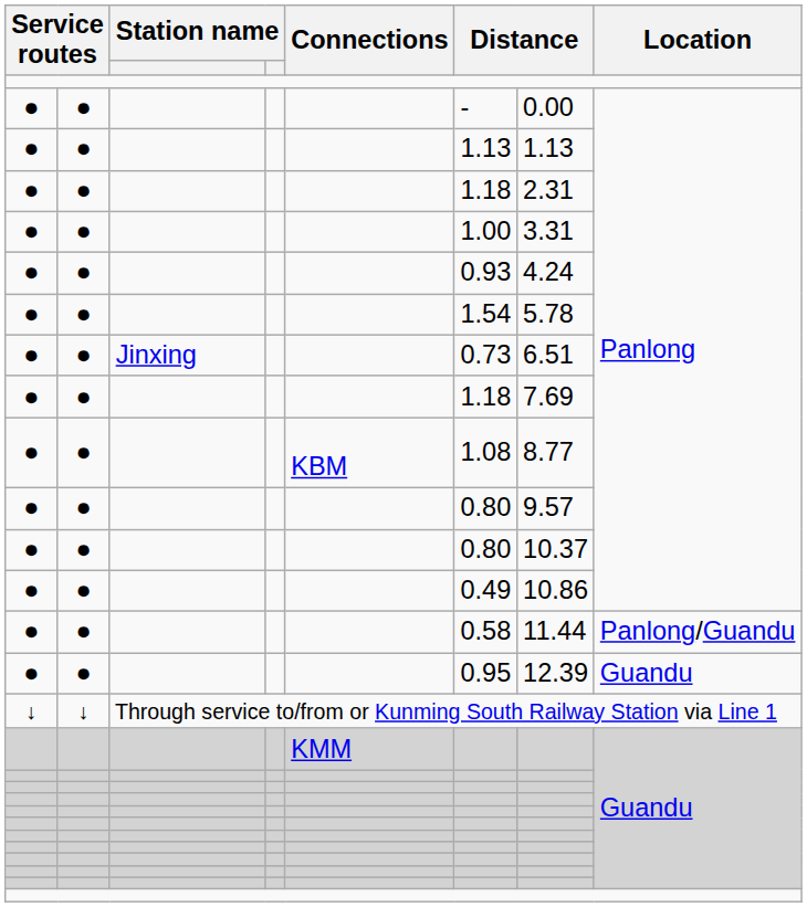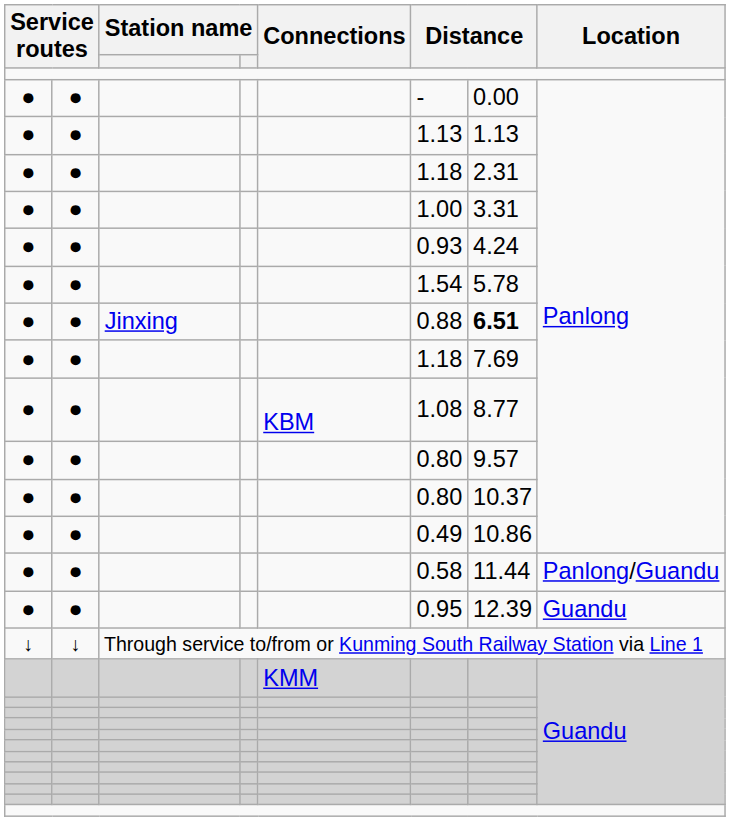 <table class="wikitable">
 <tr>
 <th rowspan="2" colspan="2">Service<br>routes</th>
 <th colspan="2">Station name</th>
 <th rowspan="2">Connections</th>
 <th colspan="2" rowspan="2">Distance<br></th>
 <th rowspan="2">Location</th>
 </tr>
 <tr>
 <th></th>
 <th></th>
 </tr>
 <tr style="background:#">
 <td colspan = "8"></td>
 </tr>
 <tr>
 <td align="center">●</td>
 <td align="center">●</td>
 <td></td>
 <td></td>
 <td></td>
 <td>-</td>
 <td>0.00</td>
 <td rowspan="12"><a href='#'>Panlong</a></td>
 </tr>
 <tr>
 <td align="center">●</td>
 <td align="center">●</td>
 <td></td>
 <td></td>
 <td></td>
 <td>1.13</td>
 <td>1.13</td>
 </tr>
 <tr>
 <td align="center">●</td>
 <td align="center">●</td>
 <td></td>
 <td></td>
 <td></td>
 <td>1.18</td>
 <td>2.31</td>
 </tr>
 <tr>
 <td align="center">●</td>
 <td align="center">●</td>
 <td></td>
 <td></td>
 <td></td>
 <td>1.00</td>
 <td>3.31</td>
 </tr>
 <tr>
 <td align="center">●</td>
 <td align="center">●</td>
 <td></td>
 <td></td>
 <td></td>
 <td>0.93</td>
 <td>4.24</td>
 </tr>
 <tr>
 <td align="center">●</td>
 <td align="center">●</td>
 <td></td>
 <td></td>
 <td></td>
 <td>1.54</td>
 <td>5.78</td>
 </tr>
 <tr>
 <td align="center">●</td>
 <td align="center">●</td>
 <td><a href='#'>Jinxing</a></td>
 <td></td>
 <td></td>
-<td>0.73</td>
-<td>6.51</td>
+<td>0.88</td>
+<td><strong>6.51</strong></td>
 </tr>
 <tr>
 <td align="center">●</td>
 <td align="center">●</td>
 <td></td>
 <td></td>
 <td></td>
 <td>1.18</td>
 <td>7.69</td>
 </tr>
 <tr>
 <td align="center">●</td>
 <td align="center">●</td>
 <td></td>
 <td></td>
 <td> <br> <a href='#'>KBM</a></td>
 <td>1.08</td>
 <td>8.77</td>
 </tr>
 <tr>
 <td align="center">●</td>
 <td align="center">●</td>
 <td></td>
 <td></td>
 <td></td>
 <td>0.80</td>
 <td>9.57</td>
 </tr>
 <tr>
 <td align="center">●</td>
 <td align="center">●</td>
 <td></td>
 <td></td>
 <td></td>
 <td>0.80</td>
 <td>10.37</td>
 </tr>
 <tr>
 <td align="center">●</td>
 <td align="center">●</td>
 <td></td>
 <td></td>
 <td></td>
 <td>0.49</td>
 <td>10.86</td>
 </tr>
 <tr>
 <td align="center">●</td>
 <td align="center">●</td>
 <td></td>
 <td></td>
 <td></td>
 <td>0.58</td>
 <td>11.44</td>
 <td><a href='#'>Panlong</a>/<a href='#'>Guandu</a></td>
 </tr>
 <tr>
 <td align="center">●</td>
 <td align="center">●</td>
 <td></td>
 <td></td>
 <td></td>
 <td>0.95</td>
 <td>12.39</td>
 <td><a href='#'>Guandu</a></td>
 </tr>
 <tr style="font-size:smaller">
 <td align="center" style="background:#">↓</td>
 <td align="center" style="background:#">↓</td>
 <td colspan=7>Through service to/from  or <a href='#'>Kunming South Railway Station</a> via <a href='#'>Line 1</a></td>
 </tr>
 <tr bgcolor="lightgrey">
 <td align="center"></td>
 <td align="center"></td>
 <td><em></em></td>
 <td></td>
 <td>  <a href='#'>KMM</a></td>
 <td></td>
 <td></td>
 <td rowspan="11"><a href='#'>Guandu</a></td>
 </tr>
 <tr bgcolor="lightgrey">
 <td align="center"></td>
 <td align="center"></td>
 <td><em></em></td>
 <td></td>
 <td></td>
 <td></td>
 <td></td>
 </tr>
 <tr bgcolor="lightgrey">
 <td align="center"></td>
 <td align="center"></td>
 <td><em></em></td>
 <td></td>
 <td></td>
 <td></td>
 <td></td>
 </tr>
 <tr bgcolor="lightgrey">
 <td align="center"></td>
 <td align="center"></td>
 <td><em></em></td>
 <td></td>
 <td></td>
 <td></td>
 <td></td>
 </tr>
 <tr bgcolor="lightgrey">
 <td align="center"></td>
 <td align="center"></td>
 <td><em></em></td>
 <td></td>
 <td></td>
 <td></td>
 <td></td>
 </tr>
 <tr bgcolor="lightgrey">
 <td align="center"></td>
 <td align="center"></td>
 <td><em></em></td>
 <td></td>
 <td></td>
 <td></td>
 <td></td>
 </tr>
 <tr bgcolor="lightgrey">
 <td align="center"></td>
 <td align="center"></td>
 <td><em></em></td>
 <td></td>
 <td></td>
 <td></td>
 <td></td>
 </tr>
 <tr bgcolor="lightgrey">
 <td align="center"></td>
 <td align="center"></td>
 <td><em></em></td>
 <td></td>
 <td></td>
 <td></td>
 <td></td>
 </tr>
 <tr bgcolor="lightgrey">
 <td align="center"></td>
 <td align="center"></td>
 <td><em></em></td>
 <td></td>
 <td></td>
 <td></td>
 <td></td>
 </tr>
 <tr bgcolor="lightgrey">
 <td align="center"></td>
 <td align="center"></td>
 <td><em></em></td>
 <td></td>
 <td></td>
 <td></td>
 <td></td>
 </tr>
 <tr bgcolor="lightgrey">
 <td align="center"></td>
 <td align="center"></td>
 <td><em></em></td>
 <td></td>
 <td></td>
 <td></td>
 <td></td>
 </tr>
 <tr style="background:#">
 <td colspan = "8"></td>
 </tr>
 </table>
